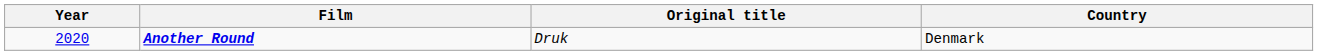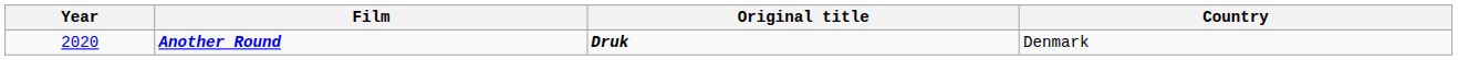 <table class="wikitable" width="95%" cellpadding="5">
 <tr>
 <th width="100"><strong>Year</strong></th>
 <th width="300"><strong>Film</strong></th>
 <th width="300"><strong>Original title</strong></th>
 <th width="300"><strong>Country</strong></th>
 </tr>
 <tr>
 <td rowspan="5" style="text-align:center;"><a href='#'>2020</a></td>
 <td><strong><em><a href='#'>Another Round</a></em></strong></td>
-<td><em>Druk</em></td>
+<td><strong><em>Druk</em></strong></td>
 <td>Denmark</td>
 </tr>
 </table>
